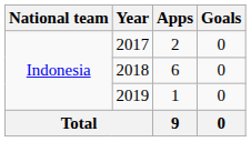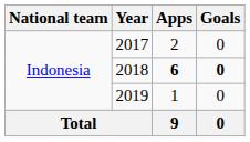 <table class=wikitable style=text-align:center>
 <tr>
 <th>National team</th>
 <th>Year</th>
 <th>Apps</th>
 <th>Goals</th>
 </tr>
 <tr>
 <td rowspan="3"><a href='#'>Indonesia</a></td>
 <td>2017</td>
 <td>2</td>
 <td>0</td>
 </tr>
 <tr>
 <td>2018</td>
-<td>6</td>
-<td>0</td>
+<td><strong>6</strong></td>
+<td><strong>0</strong></td>
 </tr>
 <tr>
 <td>2019</td>
 <td>1</td>
 <td>0</td>
 </tr>
 <tr>
 <th colspan=2>Total</th>
 <th>9</th>
 <th>0</th>
 </tr>
 </table>
